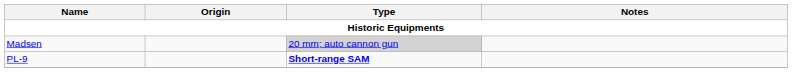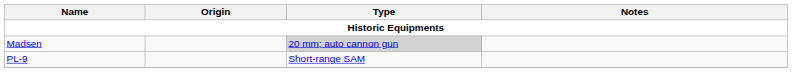 <table class="wikitable";" width="100%">
 <tr>
 <th style="text-align:center;"width="18%">Name</th>
 <th style="text-align: center;"width="18%">Origin</th>
 <th style="text-align:l center;"width="25%">Type</th>
 <th style="text-align: center;">Notes</th>
 </tr>
 <tr>
 <th style="align: centre; background: white;" colspan="7"><strong>Historic Equipments</strong></th>
 </tr>
 <tr>
 <td><a href='#'>Madsen</a></td>
 <td></td>
 <td style="background: lightgrey;"><a href='#'>20 mm; auto cannon gun</a></td>
 <td></td>
 </tr>
 <tr>
 <td><a href='#'>PL-9</a></td>
 <td></td>
-<td><strong><a href='#'>Short-range SAM</a></strong></td>
+<td><a href='#'>Short-range SAM</a></td>
 <td></td>
 </tr>
 <tr>
 </tr>
 </table>
